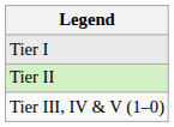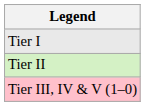 <table class=wikitable style="font-size:90%">
 <tr>
 <th>Legend</th>
 </tr>
 <tr>
 <td style="background:#e9e9e9;">Tier I</td>
 </tr>
 <tr>
 <td style="background:#d4f1c5;">Tier II</td>
 </tr>
 <tr>
-<td>Tier III, IV & V (1–0)</td>
+<td style="background: pink;">Tier III, IV & V (1–0)</td>
 </tr>
 </table>
